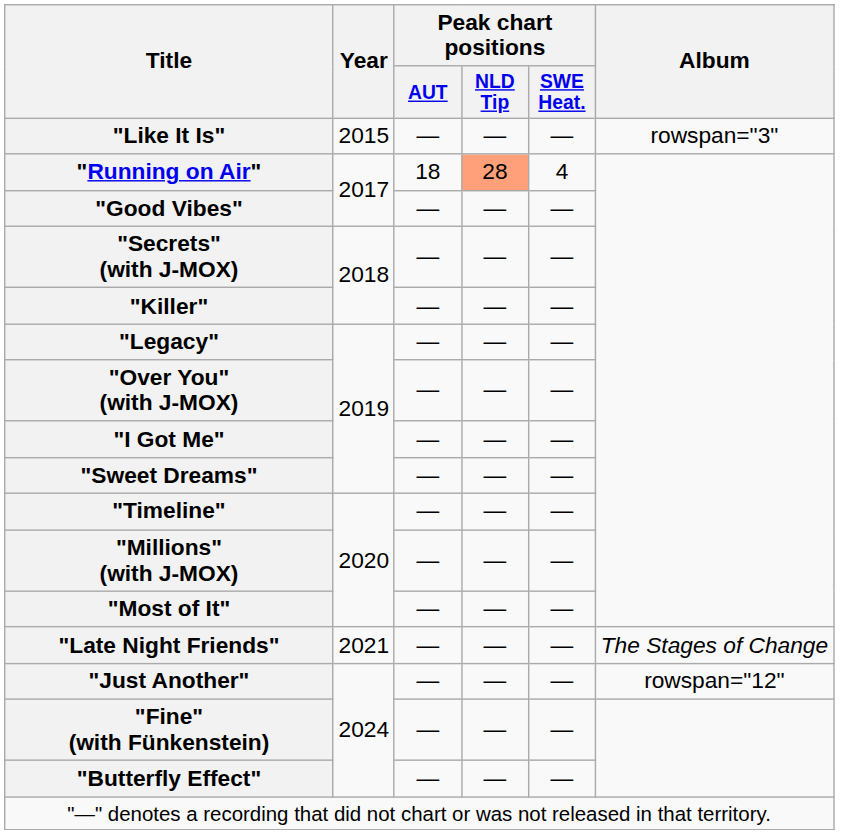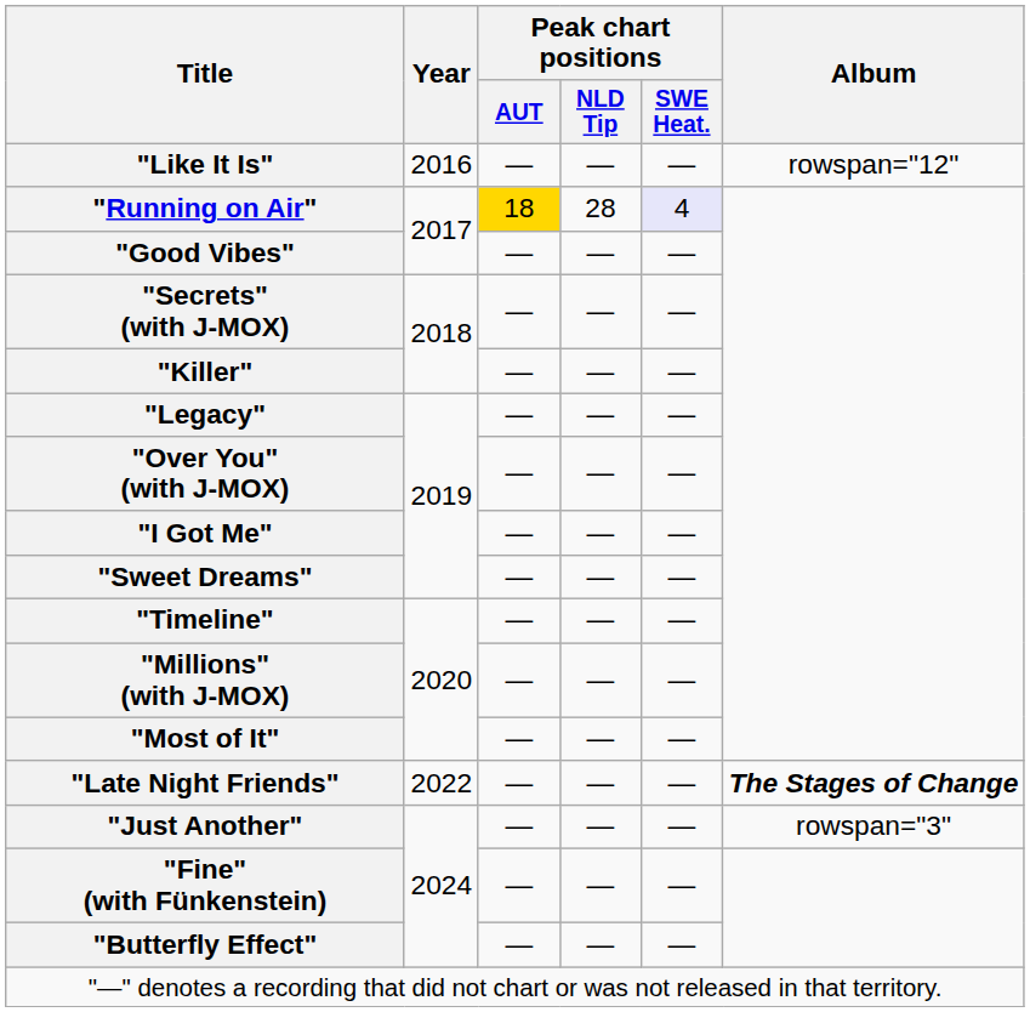 <table class="wikitable plainrowheaders" style="text-align:center;">
 <tr>
 <th scope="col" rowspan="2" style="width:14em;">Title</th>
 <th scope="col" rowspan="2" style="width:1em;">Year</th>
 <th scope="col" colspan="3">Peak chart positions</th>
 <th scope="col" rowspan="2">Album</th>
 </tr>
 <tr>
 <th scope="col" style="width:3em;font-size:85%;"><a href='#'>AUT</a><br></th>
 <th scope="col" style="width:3em;font-size:85%;"><a href='#'>NLD<br>Tip</a><br></th>
 <th scope="col" style="width:3em;font-size:85%;"><a href='#'>SWE<br>Heat.</a><br></th>
 </tr>
 <tr>
 <th scope="row">"Like It Is"</th>
-<td>2015</td>
+<td>2016</td>
 <td>—</td>
 <td>—</td>
 <td>—</td>
-<td>rowspan="3" </td>
+<td>rowspan="12" </td>
 </tr>
 <tr>
 <th scope="row">"<a href='#'>Running on Air</a>"</th>
 <td rowspan="2">2017</td>
-<td>18</td>
-<td style="background: lightsalmon;">28</td>
-<td>4</td>
+<td style="background: gold;">18</td>
+<td>28</td>
+<td style="background: lavender;">4</td>
 </tr>
 <tr>
 <th scope="row">"Good Vibes"</th>
 <td>—</td>
 <td>—</td>
 <td>—</td>
 </tr>
 <tr>
 <th scope="row">"Secrets"<br><span>(with J-MOX)</span></th>
 <td rowspan="2">2018</td>
 <td>—</td>
 <td>—</td>
 <td>—</td>
 </tr>
 <tr>
 <th scope="row">"Killer"</th>
 <td>—</td>
 <td>—</td>
 <td>—</td>
 </tr>
 <tr>
 <th scope="row">"Legacy"</th>
 <td rowspan="4">2019</td>
 <td>—</td>
 <td>—</td>
 <td>—</td>
 </tr>
 <tr>
 <th scope="row">"Over You"<br><span>(with J-MOX)</span></th>
 <td>—</td>
 <td>—</td>
 <td>—</td>
 </tr>
 <tr>
 <th scope="row">"I Got Me"</th>
 <td>—</td>
 <td>—</td>
 <td>—</td>
 </tr>
 <tr>
 <th scope="row">"Sweet Dreams"</th>
 <td>—</td>
 <td>—</td>
 <td>—</td>
 </tr>
 <tr>
 <th scope="row">"Timeline"</th>
 <td rowspan="3">2020</td>
 <td>—</td>
 <td>—</td>
 <td>—</td>
 </tr>
 <tr>
 <th scope="row">"Millions"<br><span>(with J-MOX)</span></th>
 <td>—</td>
 <td>—</td>
 <td>—</td>
 </tr>
 <tr>
 <th scope="row">"Most of It"</th>
 <td>—</td>
 <td>—</td>
 <td>—</td>
 </tr>
 <tr>
 <th scope="row">"Late Night Friends"</th>
-<td rowspan="1">2021</td>
+<td rowspan="1">2022</td>
 <td>—</td>
 <td>—</td>
 <td>—</td>
-<td><em>The Stages of Change</em></td>
+<td><strong><em>The Stages of Change</em></strong></td>
 </tr>
 <tr>
 <th scope="row">"Just Another"</th>
 <td rowspan="3">2024</td>
 <td>—</td>
 <td>—</td>
 <td>—</td>
-<td>rowspan="12" </td>
+<td>rowspan="3" </td>
 </tr>
 <tr>
 <th scope="row">"Fine" <br>(with Fünkenstein)</th>
 <td>—</td>
 <td>—</td>
 <td>—</td>
 </tr>
 <tr>
 <th scope="row">"Butterfly Effect"</th>
 <td>—</td>
 <td>—</td>
 <td>—</td>
 </tr>
 <tr>
 <td colspan="14" style="font-size:90%">"—" denotes a recording that did not chart or was not released in that territory.</td>
 </tr>
 </table>
